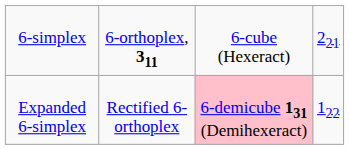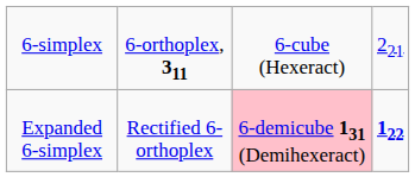 <table align=right class=wikitable width=320>
 <tr align=center valign=top>
 <td><br><a href='#'>6-simplex</a></td>
 <td><br><a href='#'>6-orthoplex</a>, <strong>3<sub>11</sub></strong></td>
 <td><br><a href='#'>6-cube</a> (Hexeract)</td>
 <td><br><a href='#'>2<sub>21</sub></a></td>
 </tr>
 <tr align=center valign=top>
 <td><br><a href='#'>Expanded 6-simplex</a></td>
 <td><br><a href='#'>Rectified 6-orthoplex</a></td>
 <td style="background: pink;"><br><a href='#'>6-demicube</a> <strong>1<sub>31</sub></strong><br>(Demihexeract)</td>
-<td><br><a href='#'>1<sub>22</sub></a></td>
+<td><strong><br><a href='#'>1<sub>22</sub></a></strong></td>
 </tr>
 </table>
